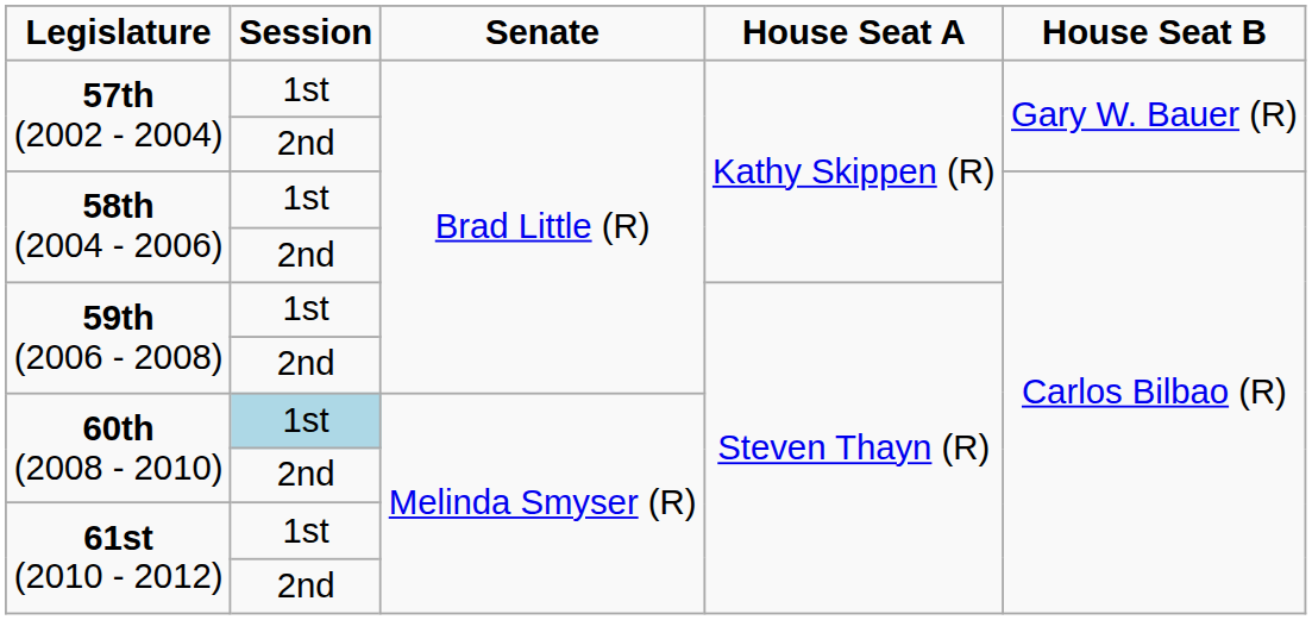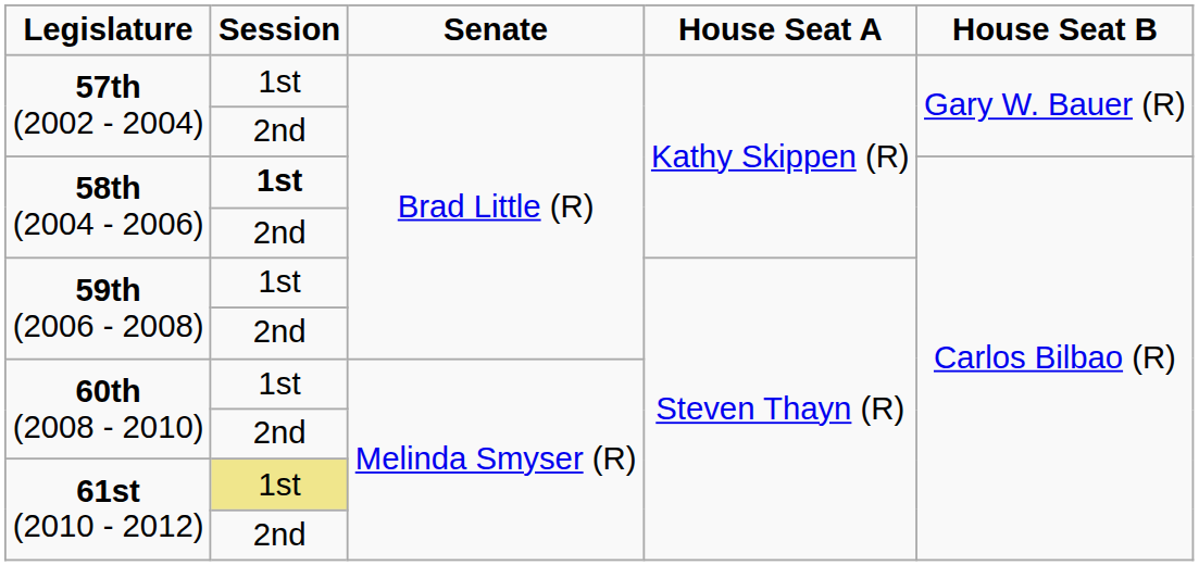 <table class=wikitable style="text-align:center">
 <tr>
 <td><strong>Legislature</strong></td>
 <td><strong>Session</strong></td>
 <td><strong>Senate</strong></td>
 <td><strong>House Seat A</strong></td>
 <td><strong>House Seat B</strong></td>
 </tr>
 <tr>
 <td rowspan="2" colspan="1" style="text-align: center;"><strong>57th</strong> <br> (2002 - 2004)</td>
 <td>1st</td>
 <td rowspan="6" colspan="1" style="text-align: center;" ><a href='#'>Brad Little</a> (R)</td>
 <td rowspan="4" colspan="1" style="text-align: center;" ><a href='#'>Kathy Skippen</a> (R)</td>
 <td rowspan="2" colspan="1" style="text-align: center;" ><a href='#'>Gary W. Bauer</a> (R)</td>
 </tr>
 <tr>
 <td>2nd</td>
 </tr>
 <tr>
 <td rowspan="2" colspan="1" style="text-align: center;"><strong>58th</strong> <br> (2004 - 2006)</td>
-<td>1st</td>
+<td><strong>1st</strong></td>
 <td rowspan="8" colspan="1" style="text-align: center;" ><a href='#'>Carlos Bilbao</a> (R)</td>
 </tr>
 <tr>
 <td>2nd</td>
 </tr>
 <tr>
 <td rowspan="2" colspan="1" style="text-align: center;"><strong>59th</strong> <br> (2006 - 2008)</td>
 <td>1st</td>
 <td rowspan="6" colspan="1" style="text-align: center;" ><a href='#'>Steven Thayn</a> (R)</td>
 </tr>
 <tr>
 <td>2nd</td>
 </tr>
 <tr>
 <td rowspan="2" colspan="1" style="text-align: center;"><strong>60th</strong> <br> (2008 - 2010)</td>
-<td style="background: lightblue;">1st</td>
+<td>1st</td>
 <td rowspan="4" colspan="1" style="text-align: center;" ><a href='#'>Melinda Smyser</a> (R)</td>
 </tr>
 <tr>
 <td>2nd</td>
 </tr>
 <tr>
 <td rowspan="2" colspan="1" style="text-align: center;"><strong>61st</strong> <br> (2010 - 2012)</td>
-<td>1st</td>
+<td style="background: khaki;">1st</td>
 </tr>
 <tr>
 <td>2nd</td>
 </tr>
 </table>
